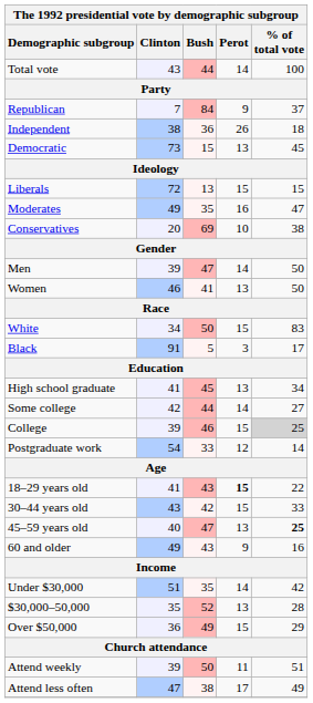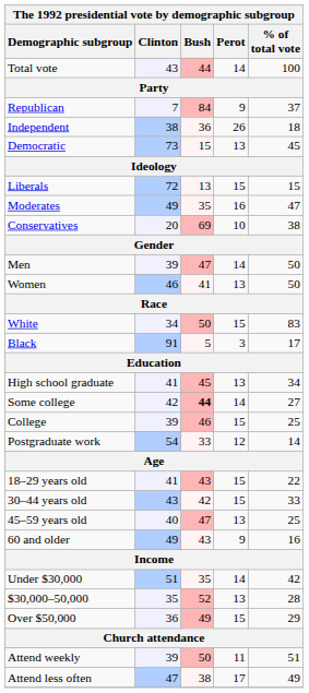 <table class=wikitable>
 <tr>
 <th colspan="7">The 1992 presidential vote by demographic subgroup</th>
 </tr>
 <tr>
 <th>Demographic subgroup</th>
 <th>Clinton</th>
 <th>Bush</th>
 <th>Perot</th>
 <th>% of<br>total vote</th>
 </tr>
 <tr>
 <td>Total vote</td>
 <td style="text-align:right; background:#f0f0ff;">43</td>
 <td style="text-align:right; background:#ffb6b6;">44</td>
 <td style="text-align:right;">14</td>
 <td style="text-align:right;">100</td>
 </tr>
 <tr>
 <th colspan=5>Party</th>
 </tr>
 <tr>
 <td><a href='#'>Republican</a></td>
 <td style="text-align:right; background:#f0f0ff;">7</td>
 <td style="text-align:right; background:#ffb6b6;">84</td>
 <td style="text-align:right;">9</td>
 <td style="text-align:right;">37</td>
 </tr>
 <tr>
 <td><a href='#'>Independent</a></td>
 <td style="text-align:right; background:#b0ceff;">38</td>
 <td style="text-align:right; background:#fff3f3;">36</td>
 <td style="text-align:right;">26</td>
 <td style="text-align:right;">18</td>
 </tr>
 <tr>
 <td><a href='#'>Democratic</a></td>
 <td style="text-align:right; background:#b0ceff;">73</td>
 <td style="text-align:right; background:#fff3f3;">15</td>
 <td style="text-align:right;">13</td>
 <td style="text-align:right;">45</td>
 </tr>
 <tr>
 <th colspan=5>Ideology</th>
 </tr>
 <tr>
 <td><a href='#'>Liberals</a></td>
 <td style="text-align:right; background:#b0ceff;">72</td>
 <td style="text-align:right; background:#fff3f3;">13</td>
 <td style="text-align:right;">15</td>
 <td style="text-align:right;">15</td>
 </tr>
 <tr>
 <td><a href='#'>Moderates</a></td>
 <td style="text-align:right; background:#b0ceff;">49</td>
 <td style="text-align:right; background:#fff3f3;">35</td>
 <td style="text-align:right;">16</td>
 <td style="text-align:right;">47</td>
 </tr>
 <tr>
 <td><a href='#'>Conservatives</a></td>
 <td style="text-align:right; background:#f0f0ff;">20</td>
 <td style="text-align:right; background:#ffb6b6;">69</td>
 <td style="text-align:right;">10</td>
 <td style="text-align:right;">38</td>
 </tr>
 <tr>
 <th colspan=5>Gender</th>
 </tr>
 <tr>
 <td>Men</td>
 <td style="text-align:right; background:#f0f0ff;">39</td>
 <td style="text-align:right; background:#ffb6b6;">47</td>
 <td style="text-align:right;">14</td>
 <td style="text-align:right;">50</td>
 </tr>
 <tr>
 <td>Women</td>
 <td style="text-align:right; background:#b0ceff;">46</td>
 <td style="text-align:right; background:#fff3f3;">41</td>
 <td style="text-align:right;">13</td>
 <td style="text-align:right;">50</td>
 </tr>
 <tr>
 <th colspan=5>Race</th>
 </tr>
 <tr>
 <td><a href='#'>White</a></td>
 <td style="text-align:right; background:#f0f0ff;">34</td>
 <td style="text-align:right; background:#ffb6b6;">50</td>
 <td style="text-align:right;">15</td>
 <td style="text-align:right;">83</td>
 </tr>
 <tr>
 <td><a href='#'>Black</a></td>
 <td style="text-align:right; background:#b0ceff;">91</td>
 <td style="text-align:right; background:#fff3f3;">5</td>
 <td style="text-align:right;">3</td>
 <td style="text-align:right;">17</td>
 </tr>
 <tr>
 <th colspan=5>Education</th>
 </tr>
 <tr>
 <td>High school graduate</td>
 <td style="text-align:right; background:#f0f0ff;">41</td>
 <td style="text-align:right; background:#ffb6b6;">45</td>
 <td style="text-align:right;">13</td>
 <td style="text-align:right;">34</td>
 </tr>
 <tr>
 <td>Some college</td>
 <td style="text-align:right; background:#f0f0ff;">42</td>
-<td style="text-align:right; background:#ffb6b6;">44</td>
+<td style="text-align:right; background:#ffb6b6;"><strong>44</strong></td>
 <td style="text-align:right;">14</td>
 <td style="text-align:right;">27</td>
 </tr>
 <tr>
 <td>College</td>
 <td style="text-align:right; background:#f0f0ff;">39</td>
 <td style="text-align:right; background:#ffb6b6;">46</td>
 <td style="text-align:right;">15</td>
-<td style="background: lightgrey; text-align:right;">25</td>
+<td style="text-align:right;">25</td>
 </tr>
 <tr>
 <td>Postgraduate work</td>
 <td style="text-align:right; background:#b0ceff;">54</td>
 <td style="text-align:right; background:#fff3f3;">33</td>
 <td style="text-align:right;">12</td>
 <td style="text-align:right;">14</td>
 </tr>
 <tr>
 <th colspan=5>Age</th>
 </tr>
 <tr>
 <td>18–29 years old</td>
 <td style="text-align:right; background:#f0f0ff;">41</td>
 <td style="text-align:right; background:#ffb6b6;">43</td>
-<td style="text-align:right;"><strong>15</strong></td>
+<td style="text-align:right;">15</td>
 <td style="text-align:right;">22</td>
 </tr>
 <tr>
 <td>30–44 years old</td>
 <td style="text-align:right; background:#b0ceff;">43</td>
 <td style="text-align:right; background:#fff3f3;">42</td>
 <td style="text-align:right;">15</td>
 <td style="text-align:right;">33</td>
 </tr>
 <tr>
 <td>45–59 years old</td>
 <td style="text-align:right; background:#f0f0ff;">40</td>
 <td style="text-align:right; background:#ffb6b6;">47</td>
 <td style="text-align:right;">13</td>
-<td style="text-align:right;"><strong>25</strong></td>
+<td style="text-align:right;">25</td>
 </tr>
 <tr>
 <td>60 and older</td>
 <td style="text-align:right; background:#b0ceff;">49</td>
 <td style="text-align:right; background:#fff3f3;">43</td>
 <td style="text-align:right;">9</td>
 <td style="text-align:right;">16</td>
 </tr>
 <tr>
 <th colspan=5>Income</th>
 </tr>
 <tr>
 <td>Under $30,000</td>
 <td style="text-align:right; background:#b0ceff;">51</td>
 <td style="text-align:right; background:#fff3f3;">35</td>
 <td style="text-align:right;">14</td>
 <td style="text-align:right;">42</td>
 </tr>
 <tr>
 <td>$30,000–50,000</td>
 <td style="text-align:right; background:#f0f0ff;">35</td>
 <td style="text-align:right; background:#ffb6b6;">52</td>
 <td style="text-align:right;">13</td>
 <td style="text-align:right;">28</td>
 </tr>
 <tr>
 <td>Over $50,000</td>
 <td style="text-align:right; background:#f0f0ff;">36</td>
 <td style="text-align:right; background:#ffb6b6;">49</td>
 <td style="text-align:right;">15</td>
 <td style="text-align:right;">29</td>
 </tr>
 <tr>
 <th colspan=5>Church attendance</th>
 </tr>
 <tr>
 <td>Attend weekly</td>
 <td style="text-align:right; background:#f0f0ff;">39</td>
 <td style="text-align:right; background:#ffb6b6;">50</td>
 <td style="text-align:right;">11</td>
 <td style="text-align:right;">51</td>
 </tr>
 <tr>
 <td>Attend less often</td>
 <td style="text-align:right; background:#b0ceff;">47</td>
 <td style="text-align:right; background:#fff3f3;">38</td>
 <td style="text-align:right;">17</td>
 <td style="text-align:right;">49</td>
 </tr>
 <tr>
 </tr>
 </table>
